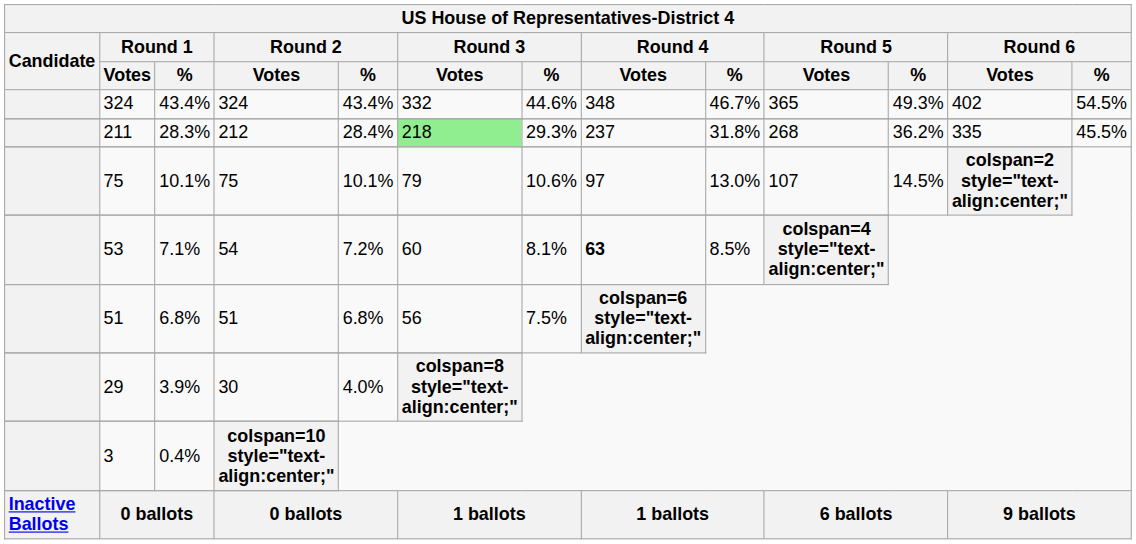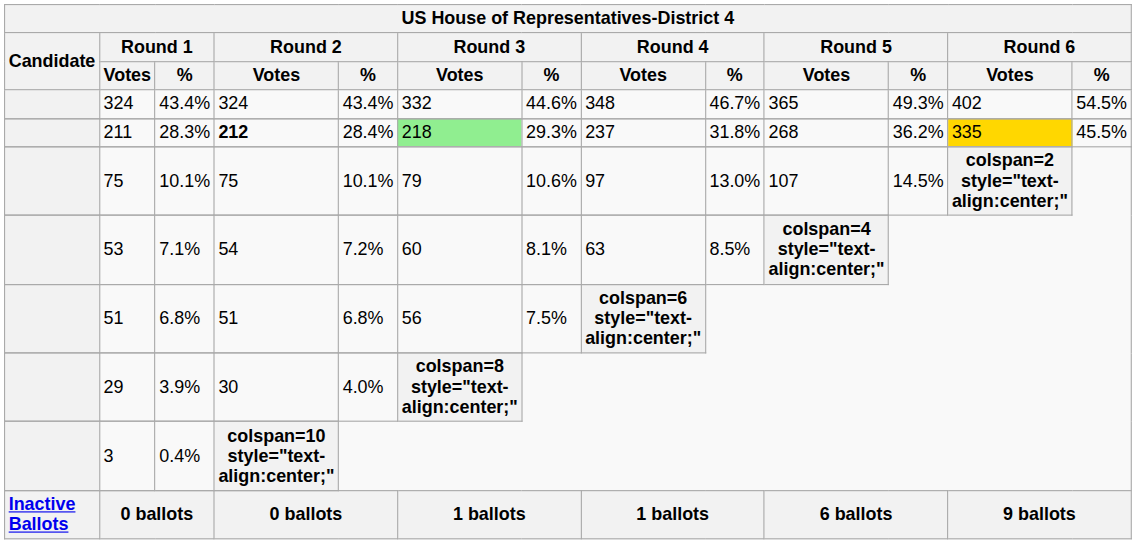 <table class="wikitable sortable">
 <tr>
 <th colspan=" 13 ">US House of Representatives-District 4 </th>
 </tr>
 <tr style="background:#eee; text-align:center;">
 <th rowspan=2 style="text-align:center;">Candidate</th>
 <th colspan=2 style="text-align:center;">Round 1</th>
 <th colspan=2 style="text-align:center;">Round 2</th>
 <th colspan=2 style="text-align:center;">Round 3</th>
 <th colspan=2 style="text-align:center;">Round 4</th>
 <th colspan=2 style="text-align:center;">Round 5</th>
 <th colspan=2 style="text-align:center;">Round 6</th>
 </tr>
 <tr>
 <th>Votes</th>
 <th>%</th>
 <th>Votes</th>
 <th>%</th>
 <th>Votes</th>
 <th>%</th>
 <th>Votes</th>
 <th>%</th>
 <th>Votes</th>
 <th>%</th>
 <th>Votes</th>
 <th>%</th>
 </tr>
 <tr>
 <th scope="row" style="text-align:left;"></th>
 <td>324</td>
 <td>43.4%</td>
 <td>324</td>
 <td>43.4%</td>
 <td>332</td>
 <td>44.6%</td>
 <td>348</td>
 <td>46.7%</td>
 <td>365</td>
 <td>49.3%</td>
 <td> 402</td>
 <td> 54.5%</td>
 </tr>
 <tr>
 </tr>
 <tr>
 <th scope="row" style="text-align:left;"></th>
 <td>211</td>
 <td>28.3%</td>
-<td>212</td>
+<td><strong>212</strong></td>
 <td>28.4%</td>
 <td style="background: lightgreen;">218</td>
 <td>29.3%</td>
 <td>237</td>
 <td>31.8%</td>
 <td>268</td>
 <td>36.2%</td>
-<td>335</td>
+<td style="background: gold;">335</td>
 <td>45.5%</td>
 </tr>
 <tr>
 </tr>
 <tr>
 <th scope="row" style="text-align:left;"></th>
 <td>75</td>
 <td>10.1%</td>
 <td>75</td>
 <td>10.1%</td>
 <td>79</td>
 <td>10.6%</td>
 <td>97</td>
 <td>13.0%</td>
 <td>107</td>
 <td>14.5%</td>
 <th>colspan=2 style="text-align:center;" </th>
 </tr>
 <tr>
 </tr>
 <tr>
 <th scope="row" style="text-align:left;"></th>
 <td>53</td>
 <td>7.1%</td>
 <td>54</td>
 <td>7.2%</td>
 <td>60</td>
 <td>8.1%</td>
-<td><strong>63</strong></td>
+<td>63</td>
 <td>8.5%</td>
 <th>colspan=4 style="text-align:center;" </th>
 </tr>
 <tr>
 </tr>
 <tr>
 <th scope="row" style="text-align:left;"></th>
 <td>51</td>
 <td>6.8%</td>
 <td>51</td>
 <td>6.8%</td>
 <td>56</td>
 <td>7.5%</td>
 <th>colspan=6 style="text-align:center;" </th>
 </tr>
 <tr>
 </tr>
 <tr>
 <th scope="row" style="text-align:left;"></th>
 <td>29</td>
 <td>3.9%</td>
 <td>30</td>
 <td>4.0%</td>
 <th>colspan=8 style="text-align:center;" </th>
 </tr>
 <tr>
 </tr>
 <tr>
 <th scope="row" style="text-align:left;"></th>
 <td>3</td>
 <td>0.4%</td>
 <th>colspan=10 style="text-align:center;" </th>
 </tr>
 <tr>
 </tr>
 <tr>
 <th scope="row" style="text-align:left;"><a href='#'>Inactive Ballots</a></th>
 <th colspan="2">0 ballots</th>
 <th colspan="2">0 ballots</th>
 <th colspan="2">1 ballots</th>
 <th colspan="2">1 ballots</th>
 <th colspan="2">6 ballots</th>
 <th colspan="2">9 ballots</th>
 </tr>
 </table>
